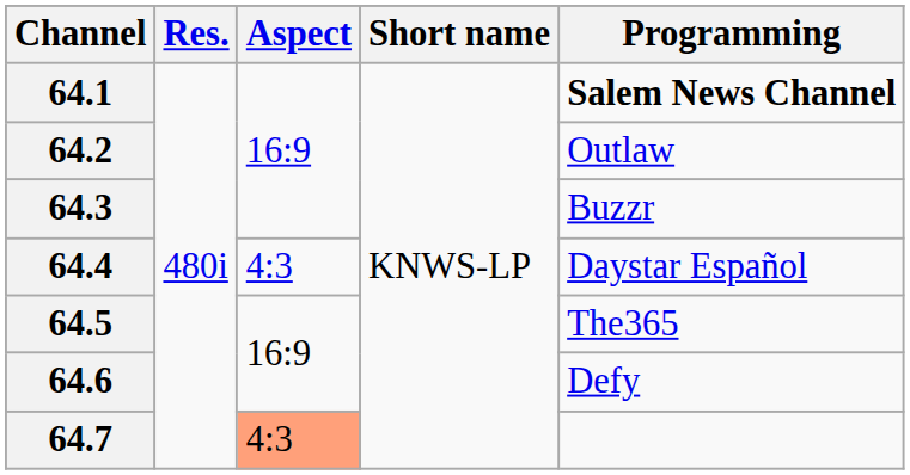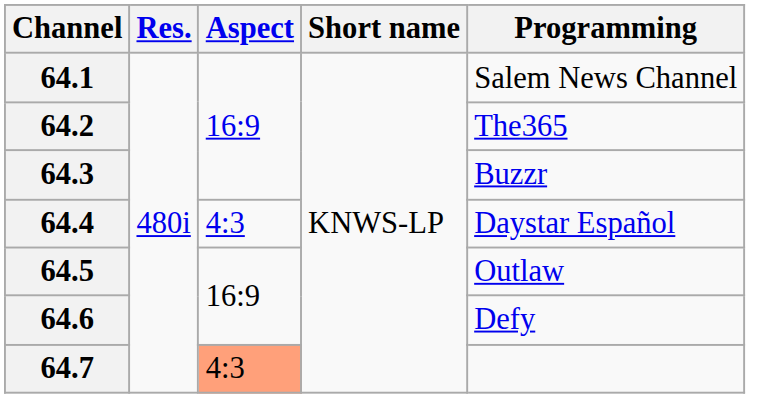 <table class="wikitable">
 <tr>
 <th>Channel</th>
 <th><a href='#'>Res.</a></th>
 <th><a href='#'>Aspect</a></th>
 <th>Short name</th>
 <th>Programming</th>
 </tr>
 <tr>
 <th scope = "row">64.1</th>
 <td rowspan=7><a href='#'>480i</a></td>
 <td rowspan="3"><a href='#'>16:9</a></td>
 <td rowspan=7>KNWS-LP</td>
-<td><strong>Salem News Channel</strong></td>
+<td>Salem News Channel</td>
 </tr>
 <tr>
 <th scope = "row">64.2</th>
-<td><a href='#'>Outlaw</a></td>
+<td><a href='#'>The365</a></td>
 </tr>
 <tr>
 <th scope = "row">64.3</th>
 <td><a href='#'>Buzzr</a></td>
 </tr>
 <tr>
 <th scope = "row">64.4</th>
 <td><a href='#'>4:3</a></td>
 <td><a href='#'>Daystar Español</a></td>
 </tr>
 <tr>
 <th scope = "row">64.5</th>
 <td rowspan="2">16:9</td>
-<td><a href='#'>The365</a></td>
+<td><a href='#'>Outlaw</a></td>
 </tr>
 <tr>
 <th scope = "row">64.6</th>
 <td><a href='#'>Defy</a></td>
 </tr>
 <tr>
 <th scope = "row">64.7</th>
 <td style="background: lightsalmon;">4:3</td>
 <td></td>
 </tr>
 </table>
